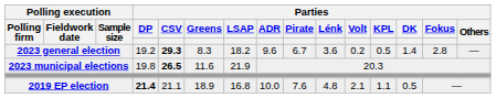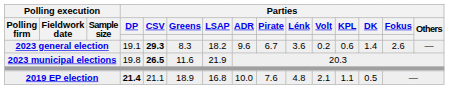 <table class="wikitable sortable mw-datatable" style="text-align:center;font-size:90%;line-height:14px;">
 <tr>
 <th colspan="3"><strong>Polling execution</strong></th>
 <th colspan="12">Parties</th>
 </tr>
 <tr>
 <th rowspan="2">Polling<br>firm</th>
 <th rowspan="2">Fieldwork<br>date</th>
 <th rowspan="2" class="unsortable" style="letter-spacing:-1px;">Sample<br>size</th>
 <th class="unsortable" style="width:30px;"><a href='#'>DP</a><br></th>
 <th class="unsortable" style="width:30px;"><a href='#'>CSV</a><br></th>
 <th class="unsortable" style="width:30px;"><a href='#'>Greens</a><br></th>
 <th class="unsortable" style="width:30px;"><a href='#'>LSAP</a><br></th>
 <th class="unsortable" style="width:30px;"><a href='#'>ADR</a><br></th>
 <th class="unsortable" style="width:30px;"><a href='#'>Pirate</a><br></th>
 <th class="unsortable" style="width:30px;"><a href='#'>Lénk</a><br></th>
 <th class="unsortable" style="width:30px;"><a href='#'>Volt</a><br></th>
 <th class="unsortable" style="width:30px;"><a href='#'>KPL</a></th>
 <th class="unsortable" style="width:30px;"><a href='#'>DK</a></th>
 <th class="unsortable" style="width:30px;"><a href='#'>Fokus</a><br></th>
 <th rowspan="2" class="unsortable" style="width:30px;letter-spacing:-1px;">Others</th>
 </tr>
 <tr>
 <th data-sort-type="number" style="background:"></th>
 <th data-sort-type="number" style="background:"></th>
 <th data-sort-type="number" style="background:"></th>
 <th data-sort-type="number" style="background:"></th>
 <th data-sort-type="number" style="background:"></th>
 <th data-sort-type="number" style="background:"></th>
 <th data-sort-type="number" style="background:"></th>
 <th data-sort-type="number" style="background:"></th>
 <th data-sort-type="number" style="background:"></th>
 <th data-sort-type="number" style="background:"></th>
 <th data-sort-type="number" style="background:"></th>
 </tr>
 <tr style="background:#EFEFEF;">
 <td colspan="3"><strong><a href='#'>2023 general election</a></strong></td>
-<td>19.2<br></td>
+<td>19.1<br></td>
 <td><strong>29.3</strong><br></td>
 <td>8.3<br></td>
 <td>18.2<br></td>
 <td>9.6<br></td>
 <td>6.7<br></td>
 <td>3.6<br></td>
 <td>0.2<br></td>
-<td>0.5<br></td>
+<td>0.6<br></td>
 <td>1.4<br></td>
-<td>2.8<br></td>
+<td>2.6<br></td>
 <td>—</td>
 </tr>
 <tr style="background:#EFEFEF;">
 <td colspan="3"><strong><a href='#'>2023 municipal elections</a></strong></td>
 <td>19.8<br></td>
 <td><strong>26.5</strong><br></td>
 <td>11.6<br></td>
 <td>21.9<br></td>
 <td colspan="8">20.3<br></td>
 </tr>
 <tr>
 <td colspan="15" style="background:#A0A0A0"></td>
 </tr>
 <tr style="background:#EFEFEF;">
 <td colspan="3"><strong><a href='#'>2019 EP election</a></strong></td>
 <td><strong>21.4</strong><br></td>
 <td>21.1<br></td>
 <td>18.9<br></td>
 <td>16.8<br></td>
 <td>10.0<br></td>
 <td>7.6<br></td>
 <td>4.8<br></td>
 <td>2.1<br></td>
 <td>1.1<br></td>
 <td>0.5<br></td>
 <td colspan="2">—</td>
 </tr>
 </table>
